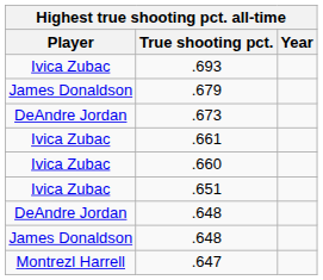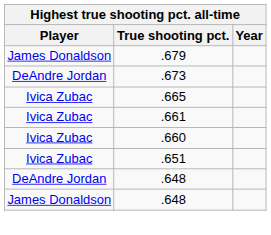 <table class="wikitable sortable" style="text-align:center">
 <tr>
 <th colspan="3">Highest true shooting pct. all-time</th>
 </tr>
 <tr>
 <th>Player</th>
 <th>True shooting pct.</th>
 <th>Year</th>
 </tr>
 <tr>
-<td><a href='#'>Ivica Zubac</a></td>
-<td>.693</td>
-<td></td>
-</tr>
-<tr>
 <td><a href='#'>James Donaldson</a></td>
 <td>.679</td>
 <td></td>
 </tr>
 <tr>
 <td><a href='#'>DeAndre Jordan</a></td>
 <td>.673</td>
+<td></td>
+</tr>
+<tr>
+<td><a href='#'>Ivica Zubac</a></td>
+<td>.665</td>
 <td></td>
 </tr>
 <tr>
 <td><a href='#'>Ivica Zubac</a></td>
 <td>.661</td>
 <td></td>
 </tr>
 <tr>
 <td><a href='#'>Ivica Zubac</a></td>
 <td>.660</td>
 <td></td>
 </tr>
 <tr>
 <td><a href='#'>Ivica Zubac</a></td>
 <td>.651</td>
 <td></td>
 </tr>
 <tr>
 <td><a href='#'>DeAndre Jordan</a></td>
 <td>.648</td>
 <td></td>
 </tr>
 <tr>
 <td><a href='#'>James Donaldson</a></td>
 <td>.648</td>
 <td></td>
 </tr>
-<tr>
-<td><a href='#'>Montrezl Harrell</a></td>
-<td>.647</td>
-<td></td>
-</tr>
 </table>
